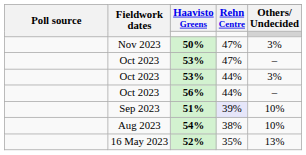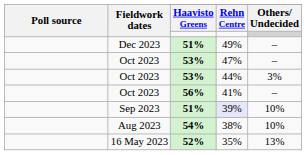 <table class="wikitable mw-collapsible mw-collapsed" style="text-align:center;font-size:85%;line-height:14px;">
 <tr bgcolor="lightgray">
 <th rowspan="3" style="width:125px;">Poll source</th>
 <th rowspan="3">Fieldwork<br>dates</th>
 </tr>
 <tr bgcolor="lightgray">
 <th><a href='#'>Haavisto</a><br><small><a href='#'>Greens</a></small></th>
 <th><a href='#'>Rehn</a><br><small><a href='#'>Centre</a></small></th>
 <th>Others/<br>Undecided</th>
 </tr>
 <tr>
 <td></td>
 <td></td>
 <td bgcolor="lightgray"></td>
 </tr>
 <tr>
 <td></td>
-<td>Nov 2023</td>
-<td style="background:#D3F2D0"><strong>50%</strong></td>
-<td>47%</td>
-<td>3%</td>
+<td>Dec 2023</td>
+<td style="background:#D3F2D0"><strong>51%</strong></td>
+<td>49%</td>
+<td>–</td>
 </tr>
 <tr>
 <td></td>
 <td>Oct 2023</td>
 <td style="background:#D3F2D0"><strong>53%</strong></td>
 <td>47%</td>
 <td>–</td>
 </tr>
 <tr>
 <td></td>
 <td>Oct 2023</td>
 <td style="background:#D3F2D0"><strong>53%</strong></td>
 <td>44%</td>
 <td>3%</td>
 </tr>
 <tr>
 <td></td>
 <td>Oct 2023</td>
 <td style="background:#D3F2D0"><strong>56%</strong></td>
-<td>44%</td>
+<td>41%</td>
 <td>–</td>
 </tr>
 <tr>
 <td></td>
 <td>Sep 2023</td>
 <td style="background:#D3F2D0"><strong>51%</strong></td>
 <td style="background: lavender;">39%</td>
 <td>10%</td>
 </tr>
 <tr>
 <td></td>
 <td>Aug 2023</td>
 <td style="background:#D3F2D0"><strong>54%</strong></td>
 <td>38%</td>
 <td>10%</td>
 </tr>
 <tr>
 <td></td>
 <td>16 May 2023</td>
 <td style="background:#D3F2D0"><strong>52%</strong></td>
 <td>35%</td>
 <td>13%</td>
 </tr>
 </table>
